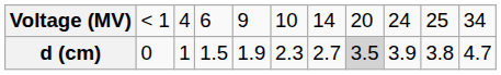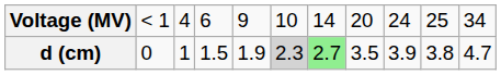 <table class="wikitable" style="align:center">
 <tr>
 <th>Voltage (MV)</th>
 <td>< 1</td>
 <td>4</td>
 <td>6</td>
 <td>9</td>
 <td>10</td>
 <td>14</td>
 <td>20</td>
 <td>24</td>
 <td>25</td>
 <td>34</td>
 </tr>
 <tr>
 <th>d (cm)</th>
 <td>0</td>
 <td>1</td>
 <td>1.5</td>
 <td>1.9</td>
-<td>2.3</td>
-<td>2.7</td>
-<td style="background: lightgrey;">3.5</td>
+<td style="background: lightgrey;">2.3</td>
+<td style="background: lightgreen;">2.7</td>
+<td>3.5</td>
 <td>3.9</td>
 <td>3.8</td>
 <td>4.7</td>
 </tr>
 </table>
